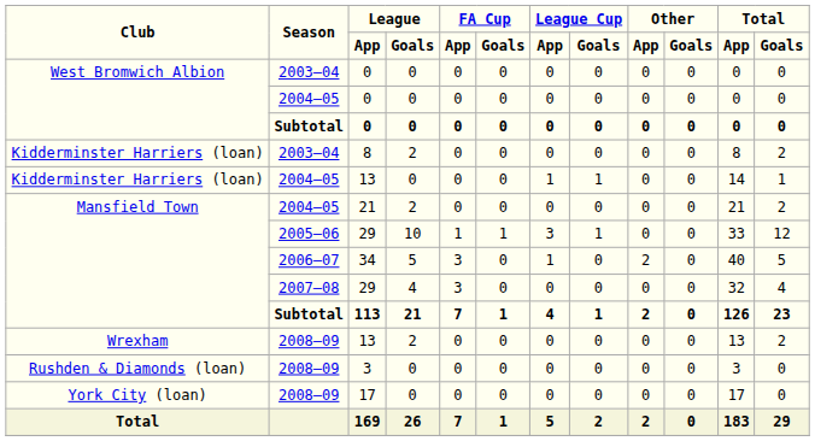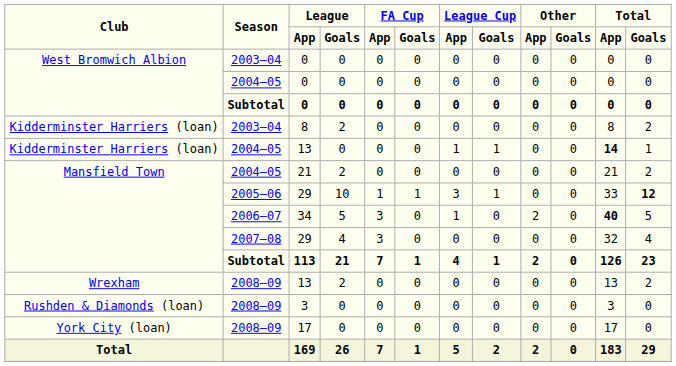 <table border=1 align=center cellpadding=4 cellspacing=2 style="background: ivory; font-size: 95%; border: 1px #aaaaaa solid; border-collapse: collapse; clear:center">
 <tr>
 <th rowspan="2">Club</th>
 <th rowspan="2">Season</th>
 <th colspan="2">League</th>
 <th colspan="2"><a href='#'>FA Cup</a></th>
 <th colspan="2"><a href='#'>League Cup</a></th>
 <th colspan="2">Other</th>
 <th colspan="2">Total</th>
 </tr>
 <tr>
 <th>App</th>
 <th>Goals</th>
 <th>App</th>
 <th>Goals</th>
 <th>App</th>
 <th>Goals</th>
 <th>App</th>
 <th>Goals</th>
 <th>App</th>
 <th>Goals</th>
 </tr>
 <tr align=center>
 <td rowspan="3" valign=top><a href='#'>West Bromwich Albion</a></td>
 <td><a href='#'>2003–04</a></td>
 <td>0</td>
 <td>0</td>
 <td>0</td>
 <td>0</td>
 <td>0</td>
 <td>0</td>
 <td>0</td>
 <td>0</td>
 <td>0</td>
 <td>0</td>
 </tr>
 <tr align=center>
 <td><a href='#'>2004–05</a></td>
 <td>0</td>
 <td>0</td>
 <td>0</td>
 <td>0</td>
 <td>0</td>
 <td>0</td>
 <td>0</td>
 <td>0</td>
 <td>0</td>
 <td>0</td>
 </tr>
 <tr>
 <th>Subtotal</th>
 <th>0</th>
 <th>0</th>
 <th>0</th>
 <th>0</th>
 <th>0</th>
 <th>0</th>
 <th>0</th>
 <th>0</th>
 <th>0</th>
 <th>0</th>
 </tr>
 <tr align=center>
 <td rowspan="1" valign=top><a href='#'>Kidderminster Harriers</a> (loan)</td>
 <td><a href='#'>2003–04</a></td>
 <td>8</td>
 <td>2</td>
 <td>0</td>
 <td>0</td>
 <td>0</td>
 <td>0</td>
 <td>0</td>
 <td>0</td>
 <td>8</td>
 <td>2</td>
 </tr>
 <tr align=center>
 <td rowspan="1" valign=top><a href='#'>Kidderminster Harriers</a> (loan)</td>
 <td><a href='#'>2004–05</a></td>
 <td>13</td>
 <td>0</td>
 <td>0</td>
 <td>0</td>
 <td>1</td>
 <td>1</td>
 <td>0</td>
 <td>0</td>
-<td>14</td>
+<td><strong>14</strong></td>
 <td>1</td>
 </tr>
 <tr align=center>
 <td rowspan="5" valign=top><a href='#'>Mansfield Town</a></td>
 <td><a href='#'>2004–05</a></td>
 <td>21</td>
 <td>2</td>
 <td>0</td>
 <td>0</td>
 <td>0</td>
 <td>0</td>
 <td>0</td>
 <td>0</td>
 <td>21</td>
 <td>2</td>
 </tr>
 <tr align=center>
 <td><a href='#'>2005–06</a></td>
 <td>29</td>
 <td>10</td>
 <td>1</td>
 <td>1</td>
 <td>3</td>
 <td>1</td>
 <td>0</td>
 <td>0</td>
 <td>33</td>
-<td>12</td>
+<td><strong>12</strong></td>
 </tr>
 <tr align=center>
 <td><a href='#'>2006–07</a></td>
 <td>34</td>
 <td>5</td>
 <td>3</td>
 <td>0</td>
 <td>1</td>
 <td>0</td>
 <td>2</td>
 <td>0</td>
-<td>40</td>
+<td><strong>40</strong></td>
 <td>5</td>
 </tr>
 <tr align=center>
 <td><a href='#'>2007–08</a></td>
 <td>29</td>
 <td>4</td>
 <td>3</td>
 <td>0</td>
 <td>0</td>
 <td>0</td>
 <td>0</td>
 <td>0</td>
 <td>32</td>
 <td>4</td>
 </tr>
 <tr>
 <th>Subtotal</th>
 <th>113</th>
 <th>21</th>
 <th>7</th>
 <th>1</th>
 <th>4</th>
 <th>1</th>
 <th>2</th>
 <th>0</th>
 <th>126</th>
 <th>23</th>
 </tr>
 <tr align=center>
 <td rowspan="1" valign=top><a href='#'>Wrexham</a></td>
 <td><a href='#'>2008–09</a></td>
 <td>13</td>
 <td>2</td>
 <td>0</td>
 <td>0</td>
 <td>0</td>
 <td>0</td>
 <td>0</td>
 <td>0</td>
 <td>13</td>
 <td>2</td>
 </tr>
 <tr align=center>
 <td rowspan="1" valign=top><a href='#'>Rushden & Diamonds</a> (loan)</td>
 <td><a href='#'>2008–09</a></td>
 <td>3</td>
 <td>0</td>
 <td>0</td>
 <td>0</td>
 <td>0</td>
 <td>0</td>
 <td>0</td>
 <td>0</td>
 <td>3</td>
 <td>0</td>
 </tr>
 <tr align=center>
 <td rowspan="1" valign=top><a href='#'>York City</a> (loan)</td>
 <td><a href='#'>2008–09</a></td>
 <td>17</td>
 <td>0</td>
 <td>0</td>
 <td>0</td>
 <td>0</td>
 <td>0</td>
 <td>0</td>
 <td>0</td>
 <td>17</td>
 <td>0</td>
 </tr>
 <tr>
 <th style="background:beige">Total</th>
 <th style="background:beige" colspan="1"></th>
 <th style="background:beige">169</th>
 <th style="background:beige">26</th>
 <th style="background:beige">7</th>
 <th style="background:beige">1</th>
 <th style="background:beige">5</th>
 <th style="background:beige">2</th>
 <th style="background:beige">2</th>
 <th style="background:beige">0</th>
 <th style="background:beige">183</th>
 <th style="background:beige">29</th>
 </tr>
 <tr>
 </tr>
 </table>
